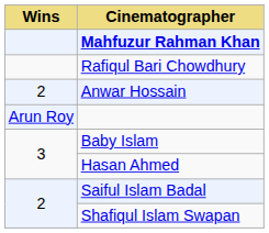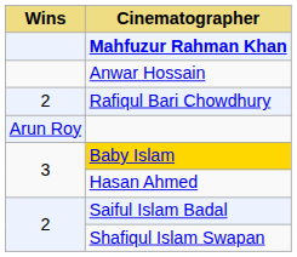 <table class="wikitable">
 <tr>
 <th style="background:#EEDD82;">Wins</th>
 <th style="background:#EEDD82;">Cinematographer</th>
 </tr>
 <tr bgcolor=#edf3fe>
 <td></td>
 <td><strong><a href='#'>Mahfuzur Rahman Khan</a></strong></td>
 </tr>
 <tr>
 <td></td>
-<td><a href='#'>Rafiqul Bari Chowdhury</a></td>
+<td><a href='#'>Anwar Hossain</a></td>
 </tr>
 <tr bgcolor=#edf3fe>
 <td rowspan="2" style="text-align:center">2</td>
-<td><a href='#'>Anwar Hossain</a></td>
+<td><a href='#'>Rafiqul Bari Chowdhury</a></td>
 </tr>
 <tr>
 </tr>
 <tr bgcolor=#edf3fe>
 <td><a href='#'>Arun Roy</a></td>
 </tr>
 <tr>
 <td rowspan="2" style="text-align:center">3</td>
-<td><a href='#'>Baby Islam</a></td>
+<td style="background: gold;"><a href='#'>Baby Islam</a></td>
 </tr>
 <tr>
 <td><a href='#'>Hasan Ahmed</a></td>
 </tr>
 <tr bgcolor=#edf3fe>
 <td rowspan="2" style="text-align:center">2</td>
 <td><a href='#'>Saiful Islam Badal</a></td>
 </tr>
 <tr>
 <td><a href='#'>Shafiqul Islam Swapan</a></td>
 </tr>
 </table>
